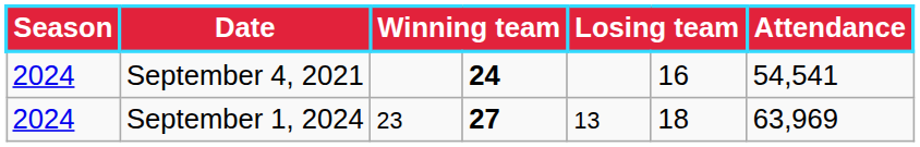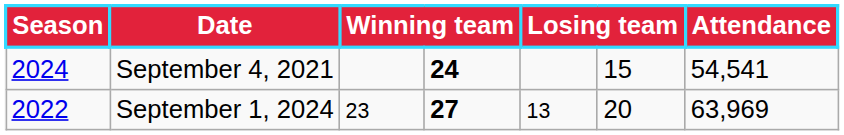 <table class="wikitable">
 <tr>
 <th style="background:#E2223B; color:#FFFFFF; border: 2px solid #33DAFF ;">Season</th>
 <th style="background:#E2223B; color:#FFFFFF; border: 2px solid #33DAFF ;">Date</th>
 <th style="background:#E2223B; color:#FFFFFF; border: 2px solid #33DAFF ;" colspan="2">Winning team</th>
 <th style="background:#E2223B; color:#FFFFFF; border: 2px solid #33DAFF ;" colspan="2">Losing team</th>
 <th style="background:#E2223B; color:#FFFFFF; border: 2px solid #33DAFF ;">Attendance</th>
 </tr>
 <tr>
 <td><a href='#'>2024</a></td>
 <td>September 4, 2021</td>
 <td><strong><a href='#'></a></strong></td>
 <td><strong>24</strong></td>
 <td><strong><a href='#'></a></strong></td>
-<td>16</td>
+<td>15</td>
 <td>54,541</td>
 </tr>
 <tr>
-<td><a href='#'>2024</a></td>
+<td><a href='#'>2022</a></td>
 <td>September 1, 2024</td>
 <td><small>23</small> <strong><a href='#'></a></strong></td>
 <td><strong>27</strong></td>
 <td><small>13</small> <strong><a href='#'></a></strong></td>
-<td>18</td>
+<td>20</td>
 <td>63,969</td>
 </tr>
 </table>
